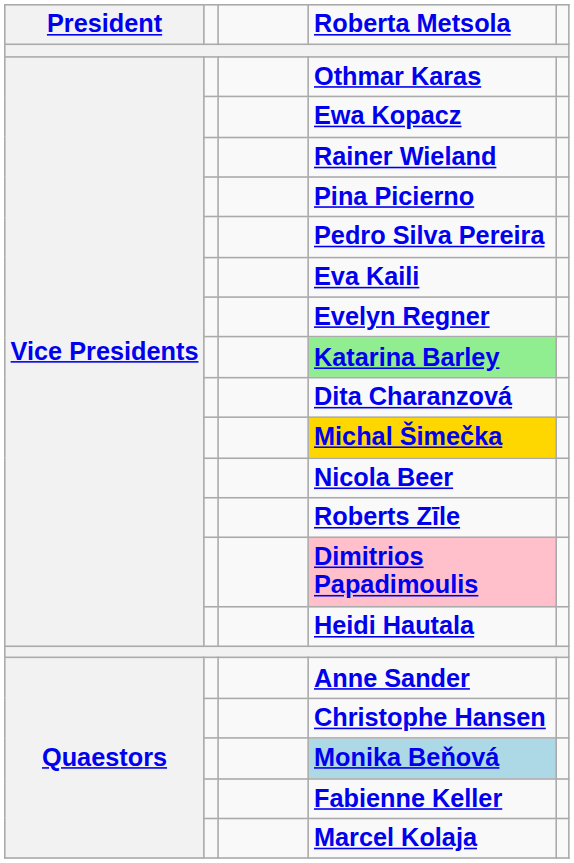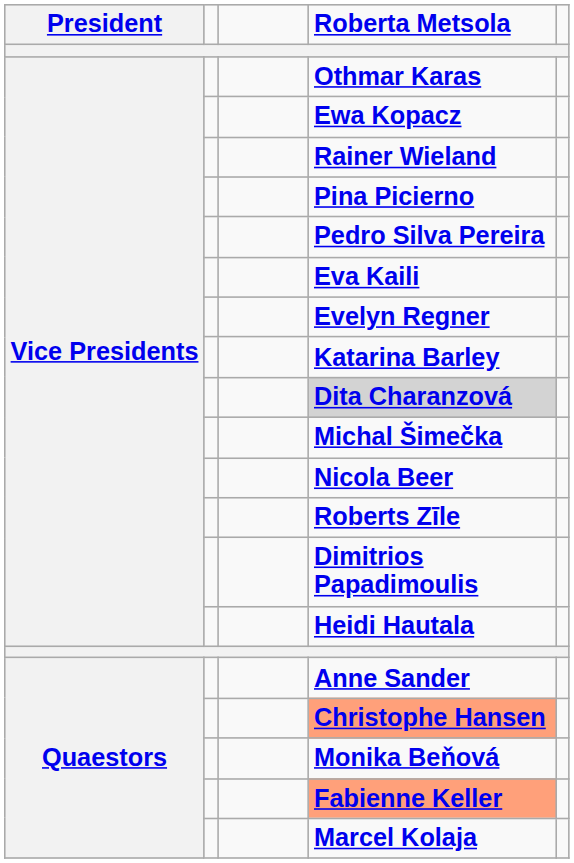 <table class="wikitable">
 <tr>
 <th><strong><a href='#'>President</a></strong></th>
 <td style="width:1px;" style="background-color:"></td>
 <td style="width:50px;"><strong></strong></td>
 <td style="width:150px;"><strong><a href='#'>Roberta Metsola</a></strong></td>
 <td></td>
 </tr>
 <tr>
 <th colspan=5></th>
 </tr>
 <tr>
 <th rowspan=14><strong><a href='#'>Vice Presidents</a></strong></th>
 <td style="background-color:"></td>
 <td><strong></strong></td>
 <td><strong><a href='#'>Othmar Karas</a></strong></td>
 <td></td>
 </tr>
 <tr>
 <td style="background-color:"></td>
 <td><strong></strong></td>
 <td><strong><a href='#'>Ewa Kopacz</a></strong></td>
 <td></td>
 </tr>
 <tr>
 <td style="background-color:"></td>
 <td><strong></strong></td>
 <td><strong><a href='#'>Rainer Wieland</a></strong></td>
 <td></td>
 </tr>
 <tr>
 <td style="background-color:"></td>
 <td><strong></strong></td>
 <td><strong><a href='#'>Pina Picierno</a></strong></td>
 <td></td>
 </tr>
 <tr>
 <td style="background-color:"></td>
 <td><strong></strong></td>
 <td><strong><a href='#'>Pedro Silva Pereira</a></strong></td>
 <td></td>
 </tr>
 <tr>
 <td style="background-color:"></td>
 <td><strong></strong></td>
 <td><strong><a href='#'>Eva Kaili</a></strong></td>
 <td></td>
 </tr>
 <tr>
 <td style="background-color:"></td>
 <td><strong></strong></td>
 <td><strong><a href='#'>Evelyn Regner</a></strong></td>
 <td></td>
 </tr>
 <tr>
 <td style="background-color:"></td>
 <td><strong></strong></td>
-<td style="background: lightgreen;"><strong><a href='#'>Katarina Barley</a></strong></td>
+<td><strong><a href='#'>Katarina Barley</a></strong></td>
 <td></td>
 </tr>
 <tr>
 <td style="background-color:"></td>
 <td><strong></strong></td>
-<td><strong><a href='#'>Dita Charanzová</a></strong></td>
+<td style="background: lightgrey;"><strong><a href='#'>Dita Charanzová</a></strong></td>
 <td></td>
 </tr>
 <tr>
 <td style="background-color:"></td>
 <td><strong></strong></td>
-<td style="background: gold;"><strong><a href='#'>Michal Šimečka</a></strong></td>
+<td><strong><a href='#'>Michal Šimečka</a></strong></td>
 <td></td>
 </tr>
 <tr>
 <td style="background-color:"></td>
 <td><strong></strong></td>
 <td><strong><a href='#'>Nicola Beer</a></strong></td>
 <td></td>
 </tr>
 <tr>
 <td style="background:"></td>
 <td><strong></strong></td>
 <td><strong><a href='#'>Roberts Zīle</a></strong></td>
 <td></td>
 </tr>
 <tr>
 <td style="background-color:"></td>
 <td><strong></strong></td>
-<td style="background: pink;"><strong><a href='#'>Dimitrios Papadimoulis</a></strong></td>
+<td><strong><a href='#'>Dimitrios Papadimoulis</a></strong></td>
 <td></td>
 </tr>
 <tr>
 <td style="background:"></td>
 <td><strong></strong></td>
 <td><strong><a href='#'>Heidi Hautala</a></strong></td>
 <td></td>
 </tr>
 <tr>
 <th colspan=5></th>
 </tr>
 <tr>
 <th rowspan=5><strong><a href='#'>Quaestors</a></strong></th>
 <td style="background-color:"></td>
 <td><strong></strong></td>
 <td><strong><a href='#'>Anne Sander</a></strong></td>
 <td></td>
 </tr>
 <tr>
 <td style="background-color:"></td>
 <td><strong></strong></td>
-<td><strong><a href='#'>Christophe Hansen</a></strong></td>
+<td style="background: lightsalmon;"><strong><a href='#'>Christophe Hansen</a></strong></td>
 <td></td>
 </tr>
 <tr>
 <td style="background-color:"></td>
 <td><strong></strong></td>
-<td style="background: lightblue;"><strong><a href='#'>Monika Beňová</a></strong></td>
+<td><strong><a href='#'>Monika Beňová</a></strong></td>
 <td></td>
 </tr>
 <tr>
 <td style="background-color:"></td>
 <td><strong></strong></td>
-<td><strong><a href='#'>Fabienne Keller</a></strong></td>
+<td style="background: lightsalmon;"><strong><a href='#'>Fabienne Keller</a></strong></td>
 <td></td>
 </tr>
 <tr>
 <td style="background:"></td>
 <td><strong></strong></td>
 <td><strong><a href='#'>Marcel Kolaja</a></strong></td>
 <td></td>
 </tr>
 </table>
